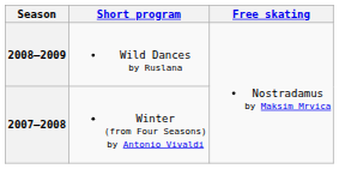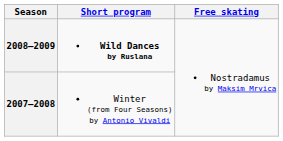 <table class=wikitable style=text-align:center>
 <tr>
 <th>Season</th>
 <th><a href='#'>Short program</a></th>
 <th><a href='#'>Free skating</a></th>
 </tr>
 <tr>
 <th>2008–2009 <br> </th>
-<td><br><ul><li>Wild Dances <br><small> by Ruslana </small></li></ul></td>
+<td><strong><br><ul><li>Wild Dances <br><small> by Ruslana </small></li></ul></strong></td>
 <td rowspan=2><br><ul><li>Nostradamus <br><small> by <a href='#'>Maksim Mrvica</a> </small></li></ul></td>
 </tr>
 <tr>
 <th>2007–2008 <br> </th>
 <td><br><ul><li>Winter <br><small> (from Four Seasons) <br> by <a href='#'>Antonio Vivaldi</a> </small></li></ul></td>
 </tr>
 </table>
